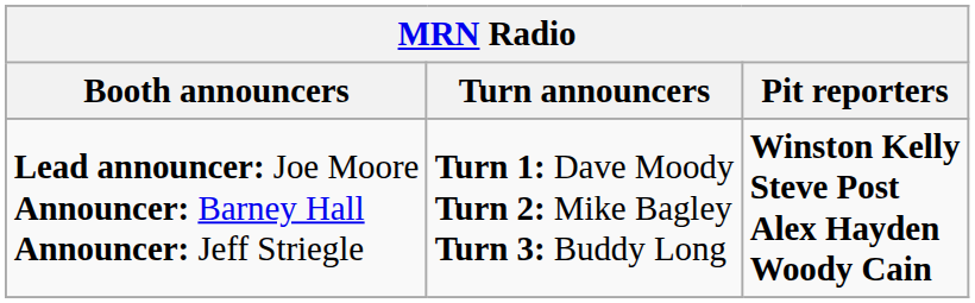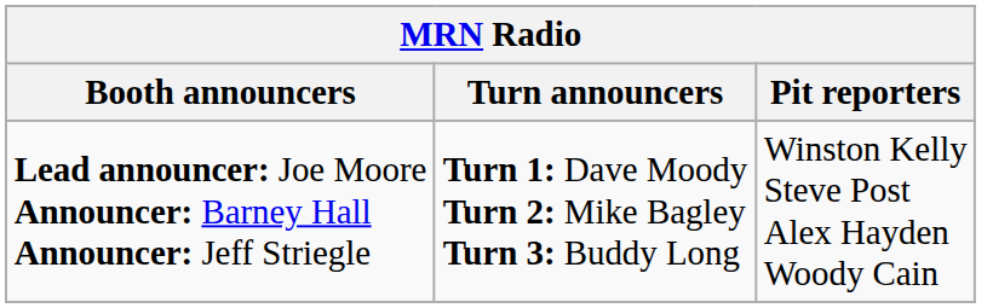 <table class="wikitable" style="font-size: 95%;">
 <tr>
 <th colspan="3"><a href='#'>MRN</a> Radio</th>
 </tr>
 <tr>
 <th>Booth announcers</th>
 <th>Turn announcers</th>
 <th>Pit reporters</th>
 </tr>
 <tr>
 <td><strong>Lead announcer:</strong> Joe Moore<br><strong>Announcer:</strong> <a href='#'>Barney Hall</a><br><strong>Announcer:</strong> Jeff Striegle</td>
 <td><strong>Turn 1:</strong> Dave Moody<br><strong>Turn 2:</strong> Mike Bagley<br><strong>Turn 3:</strong> Buddy Long</td>
-<td><strong>Winston Kelly<br>Steve Post<br>Alex Hayden<br>Woody Cain</strong></td>
+<td>Winston Kelly<br>Steve Post<br>Alex Hayden<br>Woody Cain</td>
 </tr>
 </table>
